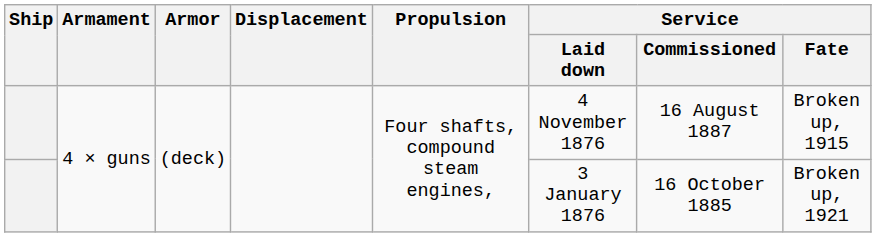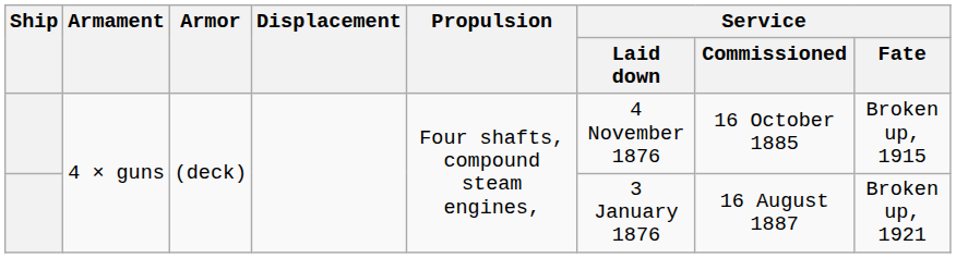 <table class="wikitable plainrowheaders" style="text-align: center;">
 <tr valign="top">
 <th scope="col" rowspan="2">Ship</th>
 <th scope="col" rowspan="2">Armament</th>
 <th scope="col" rowspan="2">Armor</th>
 <th scope="col" rowspan="2">Displacement</th>
 <th scope="col" rowspan="2">Propulsion</th>
 <th scope="col" colspan="3">Service</th>
 </tr>
 <tr valign="top">
 <th scope="col">Laid down</th>
 <th scope="col">Commissioned</th>
 <th scope="col">Fate</th>
 </tr>
 <tr valign="center">
 <th scope="row"></th>
 <td rowspan="2">4 ×  guns</td>
 <td rowspan="2"> (deck)</td>
 <td rowspan="2"></td>
 <td rowspan="2">Four shafts, compound steam engines, </td>
 <td>4 November 1876</td>
-<td>16 August 1887</td>
+<td>16 October 1885</td>
 <td>Broken up, 1915</td>
 </tr>
 <tr valign="center">
 <th scope="row"></th>
 <td>3 January 1876</td>
-<td>16 October 1885</td>
+<td>16 August 1887</td>
 <td>Broken up, 1921</td>
 </tr>
 </table>
